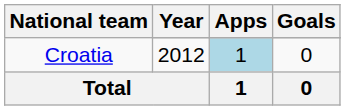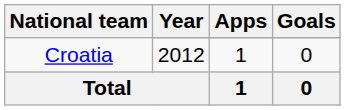 <table class="wikitable" style="text-align:center">
 <tr>
 <th>National team</th>
 <th>Year</th>
 <th>Apps</th>
 <th>Goals</th>
 </tr>
 <tr>
 <td rowspan="2"><a href='#'>Croatia</a></td>
 </tr>
 <tr>
 <td>2012</td>
-<td style="background: lightblue;">1</td>
+<td>1</td>
 <td>0</td>
 </tr>
 <tr>
 <th colspan="2">Total</th>
 <th>1</th>
 <th>0</th>
 </tr>
 </table>
